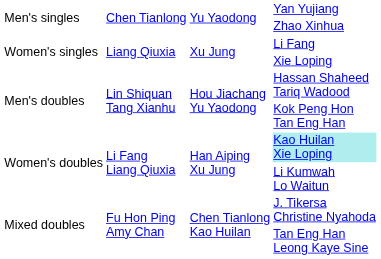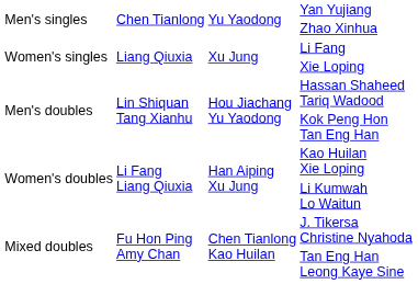 <table>
 <tr>
 <td rowspan="2">Men's singles</td>
 <td rowspan="2"> <a href='#'>Chen Tianlong</a></td>
 <td rowspan="2"> <a href='#'>Yu Yaodong</a></td>
 <td> <a href='#'>Yan Yujiang</a></td>
 </tr>
 <tr>
 <td> <a href='#'>Zhao Xinhua</a></td>
 </tr>
 <tr>
 <td rowspan="2">Women's singles</td>
 <td rowspan="2"> <a href='#'>Liang Qiuxia</a></td>
 <td rowspan="2"> <a href='#'>Xu Jung</a></td>
 <td> <a href='#'>Li Fang</a></td>
 </tr>
 <tr>
 <td> <a href='#'>Xie Loping</a></td>
 </tr>
 <tr>
 <td rowspan="2">Men's doubles</td>
 <td rowspan="2"> <a href='#'>Lin Shiquan</a><br> <a href='#'>Tang Xianhu</a></td>
 <td rowspan="2"> <a href='#'>Hou Jiachang</a><br> <a href='#'>Yu Yaodong</a></td>
 <td> <a href='#'>Hassan Shaheed</a><br> <a href='#'>Tariq Wadood</a></td>
 </tr>
 <tr>
 <td> <a href='#'>Kok Peng Hon</a><br> <a href='#'>Tan Eng Han</a></td>
 </tr>
 <tr>
 <td rowspan="2">Women's doubles</td>
 <td rowspan="2"> <a href='#'>Li Fang</a><br> <a href='#'>Liang Qiuxia</a></td>
 <td rowspan="2"> <a href='#'>Han Aiping</a><br> <a href='#'>Xu Jung</a></td>
-<td style="background: paleturquoise;"> <a href='#'>Kao Huilan</a><br> <a href='#'>Xie Loping</a></td>
+<td> <a href='#'>Kao Huilan</a><br> <a href='#'>Xie Loping</a></td>
 </tr>
 <tr>
 <td> <a href='#'>Li Kumwah</a><br> <a href='#'>Lo Waitun</a></td>
 </tr>
 <tr>
 <td rowspan="2">Mixed doubles</td>
 <td rowspan="2"> <a href='#'>Fu Hon Ping</a><br> <a href='#'>Amy Chan</a></td>
 <td rowspan="2"> <a href='#'>Chen Tianlong</a><br> <a href='#'>Kao Huilan</a></td>
 <td> <a href='#'>J. Tikersa</a><br> <a href='#'>Christine Nyahoda</a></td>
 </tr>
 <tr>
 <td> <a href='#'>Tan Eng Han</a><br> <a href='#'>Leong Kaye Sine</a></td>
 </tr>
 </table>
